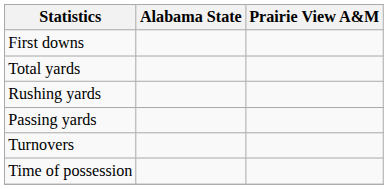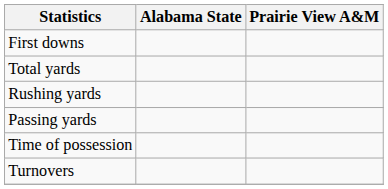 <table class="wikitable">
 <tr>
 <th>Statistics</th>
 <th>Alabama State</th>
 <th>Prairie View A&M</th>
 </tr>
 <tr>
 <td>First downs</td>
 <td> </td>
 <td> </td>
 </tr>
 <tr>
 <td>Total yards</td>
 <td> </td>
 <td> </td>
 </tr>
 <tr>
 <td>Rushing yards</td>
 <td> </td>
 <td> </td>
 </tr>
 <tr>
 <td>Passing yards</td>
 <td> </td>
 <td> </td>
 </tr>
 <tr>
-<td>Turnovers</td>
+<td>Time of possession</td>
 <td> </td>
 <td> </td>
 </tr>
 <tr>
-<td>Time of possession</td>
+<td>Turnovers</td>
 <td> </td>
 <td> </td>
 </tr>
 <tr>
 </tr>
 </table>
